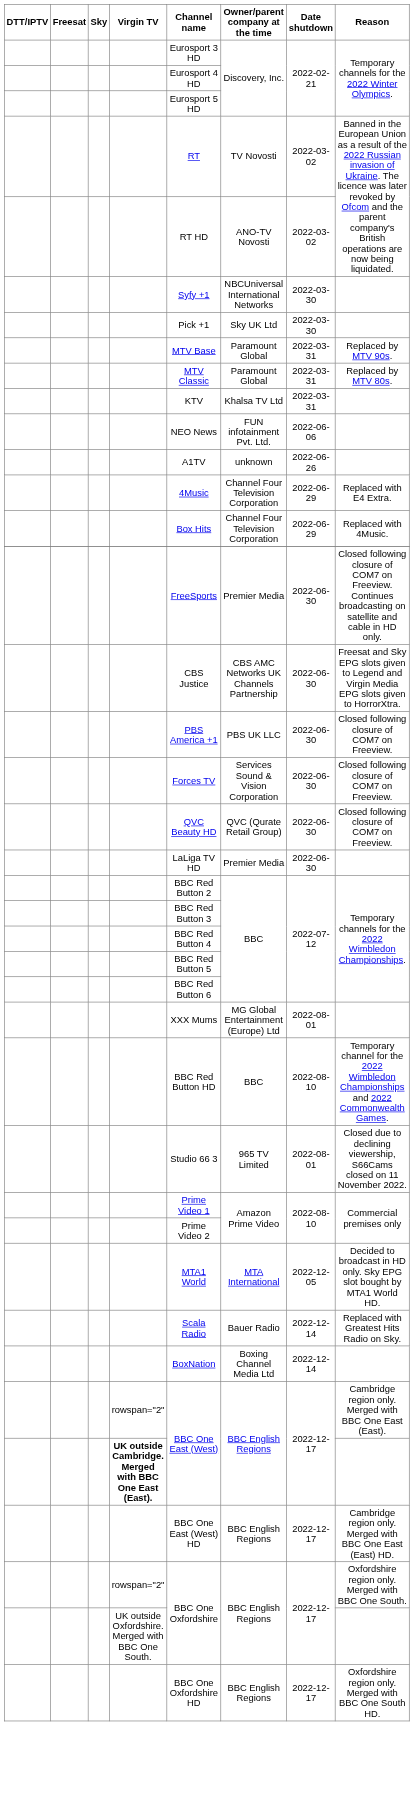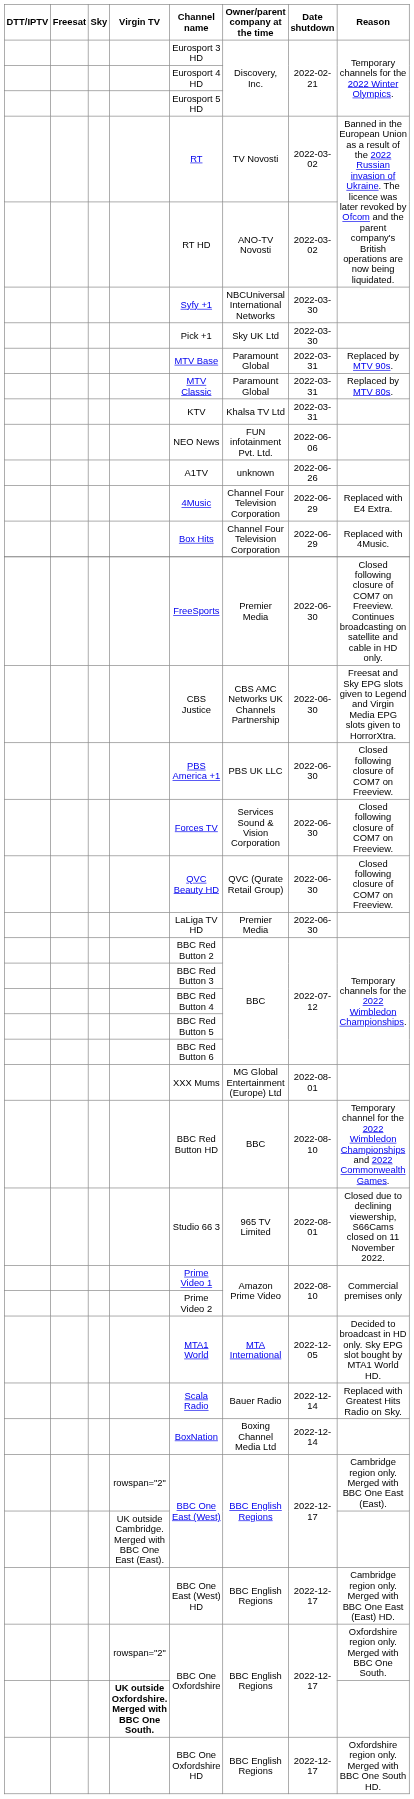 <table class="toccolors sortable" border="1" cellpadding="3" style="border-collapse:collapse; font-size: 90%; text-align:center" width="100%">
 <tr>
 <th width="5%">DTT/IPTV</th>
 <th width="5%">Freesat</th>
 <th width="5%">Sky</th>
 <th width="5%">Virgin TV</th>
 <th width="20%">Channel name</th>
 <th width="20%">Owner/parent company at the time</th>
 <th width="10%">Date shutdown </th>
 <th width="30%">Reason</th>
 </tr>
 <tr>
 <td></td>
 <td></td>
 <td></td>
 <td></td>
 <td>Eurosport 3 HD</td>
 <td rowspan="3">Discovery, Inc.</td>
 <td rowspan="3">2022-02-21</td>
 <td rowspan="3">Temporary channels for the <a href='#'>2022 Winter Olympics</a>.</td>
 </tr>
 <tr>
 <td></td>
 <td></td>
 <td></td>
 <td></td>
 <td>Eurosport 4 HD</td>
 </tr>
 <tr>
 <td></td>
 <td></td>
 <td></td>
 <td></td>
 <td>Eurosport 5 HD</td>
 </tr>
 <tr>
 <td></td>
 <td></td>
 <td></td>
 <td></td>
 <td><a href='#'>RT</a></td>
 <td>TV Novosti</td>
 <td>2022-03-02</td>
 <td rowspan="2">Banned in the European Union as a result of the <a href='#'>2022 Russian invasion of Ukraine</a>. The licence was later revoked by <a href='#'>Ofcom</a> and the parent company's British operations are now being liquidated.</td>
 </tr>
 <tr>
 <td></td>
 <td></td>
 <td></td>
 <td></td>
 <td>RT HD</td>
 <td>ANO-TV Novosti</td>
 <td>2022-03-02</td>
 </tr>
 <tr>
 <td></td>
 <td></td>
 <td></td>
 <td></td>
 <td><a href='#'>Syfy +1</a></td>
 <td>NBCUniversal International Networks</td>
 <td>2022-03-30</td>
 <td></td>
 </tr>
 <tr>
 <td></td>
 <td></td>
 <td></td>
 <td></td>
 <td>Pick +1</td>
 <td>Sky UK Ltd</td>
 <td>2022-03-30</td>
 <td></td>
 </tr>
 <tr>
 <td></td>
 <td></td>
 <td></td>
 <td></td>
 <td><a href='#'>MTV Base</a></td>
 <td>Paramount Global</td>
 <td>2022-03-31</td>
 <td>Replaced by <a href='#'>MTV 90s</a>.</td>
 </tr>
 <tr>
 <td></td>
 <td></td>
 <td></td>
 <td></td>
 <td><a href='#'>MTV Classic</a></td>
 <td>Paramount Global</td>
 <td>2022-03-31</td>
 <td>Replaced by <a href='#'>MTV 80s</a>.</td>
 </tr>
 <tr>
 <td></td>
 <td></td>
 <td></td>
 <td></td>
 <td>KTV</td>
 <td>Khalsa TV Ltd</td>
 <td>2022-03-31</td>
 <td></td>
 </tr>
 <tr>
 <td></td>
 <td></td>
 <td></td>
 <td></td>
 <td>NEO News</td>
 <td>FUN infotainment Pvt. Ltd.</td>
 <td>2022-06-06</td>
 <td></td>
 </tr>
 <tr>
 <td></td>
 <td></td>
 <td></td>
 <td></td>
 <td>A1TV</td>
 <td>unknown</td>
 <td>2022-06-26</td>
 <td></td>
 </tr>
 <tr>
 <td></td>
 <td></td>
 <td></td>
 <td></td>
 <td><a href='#'>4Music</a></td>
 <td>Channel Four Television Corporation</td>
 <td>2022-06-29</td>
 <td>Replaced with E4 Extra.</td>
 </tr>
 <tr>
 <td></td>
 <td></td>
 <td></td>
 <td></td>
 <td><a href='#'>Box Hits</a></td>
 <td>Channel Four Television Corporation</td>
 <td>2022-06-29</td>
 <td>Replaced with 4Music.</td>
 </tr>
 <tr>
 </tr>
 <tr>
 <td></td>
 <td></td>
 <td></td>
 <td></td>
 <td><a href='#'>FreeSports</a></td>
 <td>Premier Media</td>
 <td>2022-06-30</td>
 <td>Closed following closure of COM7 on Freeview. Continues broadcasting on satellite and cable in HD only.</td>
 </tr>
 <tr>
 <td></td>
 <td></td>
 <td></td>
 <td></td>
 <td>CBS Justice</td>
 <td>CBS AMC Networks UK Channels Partnership</td>
 <td>2022-06-30</td>
 <td>Freesat and Sky EPG slots given to Legend and Virgin Media EPG slots given to HorrorXtra.</td>
 </tr>
 <tr>
 <td></td>
 <td></td>
 <td></td>
 <td></td>
 <td><a href='#'>PBS America +1</a></td>
 <td>PBS UK LLC</td>
 <td>2022-06-30</td>
 <td>Closed following closure of COM7 on Freeview.</td>
 </tr>
 <tr>
 <td></td>
 <td></td>
 <td></td>
 <td></td>
 <td><a href='#'>Forces TV</a></td>
 <td>Services Sound & Vision Corporation</td>
 <td>2022-06-30</td>
 <td>Closed following closure of COM7 on Freeview.</td>
 </tr>
 <tr>
 <td></td>
 <td></td>
 <td></td>
 <td></td>
 <td><a href='#'>QVC Beauty HD</a></td>
 <td>QVC (Qurate Retail Group)</td>
 <td>2022-06-30</td>
 <td>Closed following closure of COM7 on Freeview.</td>
 </tr>
 <tr>
 <td></td>
 <td></td>
 <td></td>
 <td></td>
 <td>LaLiga TV HD</td>
 <td>Premier Media</td>
 <td>2022-06-30</td>
 <td></td>
 </tr>
 <tr>
 <td></td>
 <td></td>
 <td></td>
 <td></td>
 <td>BBC Red Button 2</td>
 <td rowspan="5">BBC</td>
 <td rowspan="5">2022-07-12</td>
 <td rowspan="5">Temporary channels for the <a href='#'>2022 Wimbledon Championships</a>.</td>
 </tr>
 <tr>
 <td></td>
 <td></td>
 <td></td>
 <td></td>
 <td>BBC Red Button 3</td>
 </tr>
 <tr>
 <td></td>
 <td></td>
 <td></td>
 <td></td>
 <td>BBC Red Button 4</td>
 </tr>
 <tr>
 <td></td>
 <td></td>
 <td></td>
 <td></td>
 <td>BBC Red Button 5</td>
 </tr>
 <tr>
 <td></td>
 <td></td>
 <td></td>
 <td></td>
 <td>BBC Red Button 6</td>
 </tr>
 <tr>
 <td></td>
 <td></td>
 <td></td>
 <td></td>
 <td>XXX Mums</td>
 <td>MG Global Entertainment (Europe) Ltd</td>
 <td>2022-08-01</td>
 <td></td>
 </tr>
 <tr>
 <td></td>
 <td></td>
 <td></td>
 <td></td>
 <td>BBC Red Button HD</td>
 <td>BBC</td>
 <td>2022-08-10</td>
 <td>Temporary channel for the <a href='#'>2022 Wimbledon Championships</a> and <a href='#'>2022 Commonwealth Games</a>.</td>
 </tr>
 <tr>
 <td></td>
 <td></td>
 <td></td>
 <td></td>
 <td>Studio 66 3</td>
 <td>965 TV Limited</td>
 <td>2022-08-01</td>
 <td>Closed due to declining viewership, S66Cams closed on 11 November 2022.</td>
 </tr>
 <tr>
 <td></td>
 <td></td>
 <td></td>
 <td></td>
 <td><a href='#'>Prime Video 1</a></td>
 <td rowspan=2>Amazon Prime Video</td>
 <td rowspan=2>2022-08-10</td>
 <td rowspan=2>Commercial premises only</td>
 </tr>
 <tr>
 <td></td>
 <td></td>
 <td></td>
 <td></td>
 <td>Prime Video 2</td>
 </tr>
 <tr>
 <td></td>
 <td></td>
 <td></td>
 <td></td>
 <td><a href='#'>MTA1 World</a></td>
 <td><a href='#'>MTA International</a></td>
 <td>2022-12-05</td>
 <td>Decided to broadcast in HD only. Sky EPG slot bought by MTA1 World HD.</td>
 </tr>
 <tr>
 <td></td>
 <td></td>
 <td></td>
 <td></td>
 <td><a href='#'>Scala Radio</a></td>
 <td>Bauer Radio</td>
 <td>2022-12-14</td>
 <td>Replaced with Greatest Hits Radio on Sky.</td>
 </tr>
 <tr>
 <td></td>
 <td></td>
 <td></td>
 <td></td>
 <td><a href='#'>BoxNation</a></td>
 <td>Boxing Channel Media Ltd</td>
 <td>2022-12-14</td>
 <td></td>
 </tr>
 <tr>
 <td></td>
 <td></td>
 <td></td>
 <td>rowspan="2" </td>
 <td rowspan="2"><a href='#'>BBC One East (West)</a></td>
 <td rowspan="2"><a href='#'>BBC English Regions</a></td>
 <td rowspan="2">2022-12-17</td>
 <td>Cambridge region only. Merged with BBC One East (East).</td>
 </tr>
 <tr>
 <td></td>
 <td></td>
 <td></td>
-<td><strong>UK outside Cambridge. Merged with BBC One East (East).</strong></td>
+<td>UK outside Cambridge. Merged with BBC One East (East).</td>
 </tr>
 <tr>
 <td></td>
 <td></td>
 <td></td>
 <td></td>
 <td>BBC One East (West) HD</td>
 <td>BBC English Regions</td>
 <td>2022-12-17</td>
 <td>Cambridge region only. Merged with BBC One East (East) HD.</td>
 </tr>
 <tr>
 <td></td>
 <td></td>
 <td></td>
 <td>rowspan="2" </td>
 <td rowspan="2">BBC One Oxfordshire</td>
 <td rowspan="2">BBC English Regions</td>
 <td rowspan="2">2022-12-17</td>
 <td>Oxfordshire region only. Merged with BBC One South.</td>
 </tr>
 <tr>
 <td></td>
 <td></td>
 <td></td>
-<td>UK outside Oxfordshire. Merged with BBC One South.</td>
+<td><strong>UK outside Oxfordshire. Merged with BBC One South.</strong></td>
 </tr>
 <tr>
 <td></td>
 <td></td>
 <td></td>
 <td></td>
 <td>BBC One Oxfordshire HD</td>
 <td>BBC English Regions</td>
 <td>2022-12-17</td>
 <td>Oxfordshire region only. Merged with BBC One South HD.</td>
 </tr>
 </table>
